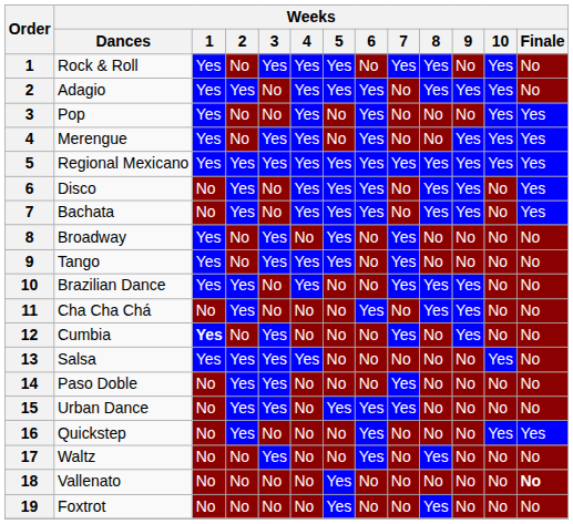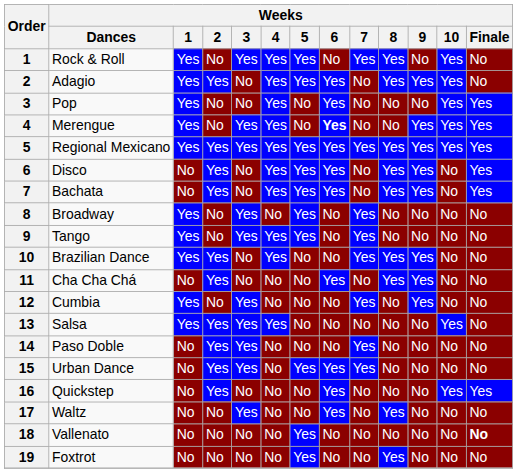 <table class="wikitable">
 <tr>
 <th rowspan=2>Order</th>
 <th colspan=12>Weeks</th>
 </tr>
 <tr>
 <th>Dances</th>
 <th>1</th>
 <th>2</th>
 <th>3</th>
 <th>4</th>
 <th>5</th>
 <th>6</th>
 <th>7</th>
 <th>8</th>
 <th>9</th>
 <th>10</th>
 <th>Finale</th>
 </tr>
 <tr>
 <th>1</th>
 <td>Rock & Roll</td>
 <td style="background:Blue; color:white;">Yes</td>
 <td style="background:darkred; color:white;">No</td>
 <td style="background:Blue; color:white;">Yes</td>
 <td style="background:Blue; color:white;">Yes</td>
 <td style="background:Blue; color:white;">Yes</td>
 <td style="background:darkred; color:white;">No</td>
 <td style="background:Blue; color:white;">Yes</td>
 <td style="background:Blue; color:white;">Yes</td>
 <td style="background:darkred; color:white;">No</td>
 <td style="background:Blue; color:white;">Yes</td>
 <td style="background:darkred; color:white;">No</td>
 </tr>
 <tr>
 <th>2</th>
 <td>Adagio</td>
 <td style="background:Blue; color:white;">Yes</td>
 <td style="background:Blue; color:white;">Yes</td>
 <td style="background:darkred; color:white;">No</td>
 <td style="background:Blue; color:white;">Yes</td>
 <td style="background:Blue; color:white;">Yes</td>
 <td style="background:Blue; color:white;">Yes</td>
 <td style="background:darkred; color:white;">No</td>
 <td style="background:Blue; color:white;">Yes</td>
 <td style="background:Blue; color:white;">Yes</td>
 <td style="background:Blue; color:white;">Yes</td>
 <td style="background:darkred; color:white;">No</td>
 </tr>
 <tr>
 <th>3</th>
 <td>Pop</td>
 <td style="background:Blue; color:white;">Yes</td>
 <td style="background:darkred; color:white;">No</td>
 <td style="background:darkred; color:white;">No</td>
 <td style="background:Blue; color:white;">Yes</td>
 <td style="background:darkred; color:white;">No</td>
 <td style="background:Blue; color:white;">Yes</td>
 <td style="background:darkred; color:white;">No</td>
 <td style="background:darkred; color:white;">No</td>
 <td style="background:darkred; color:white;">No</td>
 <td style="background:Blue; color:white;">Yes</td>
 <td style="background:Blue; color:white;">Yes</td>
 </tr>
 <tr>
 <th>4</th>
 <td>Merengue</td>
 <td style="background:Blue; color:white;">Yes</td>
 <td style="background:darkred; color:white;">No</td>
 <td style="background:Blue; color:white;">Yes</td>
 <td style="background:Blue; color:white;">Yes</td>
 <td style="background:darkred; color:white;">No</td>
-<td style="background:Blue; color:white;">Yes</td>
+<td style="background:Blue; color:white;"><strong>Yes</strong></td>
 <td style="background:darkred; color:white;">No</td>
 <td style="background:darkred; color:white;">No</td>
 <td style="background:Blue; color:white;">Yes</td>
 <td style="background:Blue; color:white;">Yes</td>
 <td style="background:Blue; color:white;">Yes</td>
 </tr>
 <tr>
 <th>5</th>
 <td>Regional Mexicano</td>
 <td style="background:Blue; color:white;">Yes</td>
 <td style="background:Blue; color:white;">Yes</td>
 <td style="background:Blue; color:white;">Yes</td>
 <td style="background:Blue; color:white;">Yes</td>
 <td style="background:Blue; color:white;">Yes</td>
 <td style="background:Blue; color:white;">Yes</td>
 <td style="background:Blue; color:white;">Yes</td>
 <td style="background:Blue; color:white;">Yes</td>
 <td style="background:Blue; color:white;">Yes</td>
 <td style="background:Blue; color:white;">Yes</td>
 <td style="background:Blue; color:white;">Yes</td>
 </tr>
 <tr>
 <th>6</th>
 <td>Disco</td>
 <td style="background:darkred; color:white;">No</td>
 <td style="background:Blue; color:white;">Yes</td>
 <td style="background:darkred; color:white;">No</td>
 <td style="background:Blue; color:white;">Yes</td>
 <td style="background:Blue; color:white;">Yes</td>
 <td style="background:Blue; color:white;">Yes</td>
 <td style="background:darkred; color:white;">No</td>
 <td style="background:Blue; color:white;">Yes</td>
 <td style="background:Blue; color:white;">Yes</td>
 <td style="background:darkred; color:white;">No</td>
 <td style="background:Blue; color:white;">Yes</td>
 </tr>
 <tr>
 <th>7</th>
 <td>Bachata</td>
 <td style="background:darkred; color:white;">No</td>
 <td style="background:Blue; color:white;">Yes</td>
 <td style="background:darkred; color:white;">No</td>
 <td style="background:Blue; color:white;">Yes</td>
 <td style="background:Blue; color:white;">Yes</td>
 <td style="background:Blue; color:white;">Yes</td>
 <td style="background:darkred; color:white;">No</td>
 <td style="background:Blue; color:white;">Yes</td>
 <td style="background:Blue; color:white;">Yes</td>
 <td style="background:darkred; color:white;">No</td>
 <td style="background:Blue; color:white;">Yes</td>
 </tr>
 <tr>
 <th>8</th>
 <td>Broadway</td>
 <td style="background:Blue; color:white;">Yes</td>
 <td style="background:darkred; color:white;">No</td>
 <td style="background:Blue; color:white;">Yes</td>
 <td style="background:darkred; color:white;">No</td>
 <td style="background:Blue; color:white;">Yes</td>
 <td style="background:darkred; color:white;">No</td>
 <td style="background:Blue; color:white;">Yes</td>
 <td style="background:darkred; color:white;">No</td>
 <td style="background:darkred; color:white;">No</td>
 <td style="background:darkred; color:white;">No</td>
 <td style="background:darkred; color:white;">No</td>
 </tr>
 <tr>
 <th>9</th>
 <td>Tango</td>
 <td style="background:Blue; color:white;">Yes</td>
 <td style="background:darkred; color:white;">No</td>
 <td style="background:Blue; color:white;">Yes</td>
 <td style="background:Blue; color:white;">Yes</td>
 <td style="background:Blue; color:white;">Yes</td>
 <td style="background:darkred; color:white;">No</td>
 <td style="background:Blue; color:white;">Yes</td>
 <td style="background:darkred; color:white;">No</td>
 <td style="background:darkred; color:white;">No</td>
 <td style="background:darkred; color:white;">No</td>
 <td style="background:darkred; color:white;">No</td>
 </tr>
 <tr>
 <th>10</th>
 <td>Brazilian Dance</td>
 <td style="background:Blue; color:white;">Yes</td>
 <td style="background:Blue; color:white;">Yes</td>
 <td style="background:darkred; color:white;">No</td>
 <td style="background:Blue; color:white;">Yes</td>
 <td style="background:darkred; color:white;">No</td>
 <td style="background:darkred; color:white;">No</td>
 <td style="background:Blue; color:white;">Yes</td>
 <td style="background:Blue; color:white;">Yes</td>
 <td style="background:Blue; color:white;">Yes</td>
 <td style="background:darkred; color:white;">No</td>
 <td style="background:darkred; color:white;">No</td>
 </tr>
 <tr>
 <th>11</th>
 <td>Cha Cha Chá</td>
 <td style="background:darkred; color:white;">No</td>
 <td style="background:Blue; color:white;">Yes</td>
 <td style="background:darkred; color:white;">No</td>
 <td style="background:darkred; color:white;">No</td>
 <td style="background:darkred; color:white;">No</td>
 <td style="background:Blue; color:white;">Yes</td>
 <td style="background:darkred; color:white;">No</td>
 <td style="background:Blue; color:white;">Yes</td>
 <td style="background:Blue; color:white;">Yes</td>
 <td style="background:darkred; color:white;">No</td>
 <td style="background:darkred; color:white;">No</td>
 </tr>
 <tr>
 <th>12</th>
 <td>Cumbia</td>
-<td style="background:Blue; color:white;"><strong>Yes</strong></td>
+<td style="background:Blue; color:white;">Yes</td>
 <td style="background:darkred; color:white;">No</td>
 <td style="background:Blue; color:white;">Yes</td>
 <td style="background:darkred; color:white;">No</td>
 <td style="background:darkred; color:white;">No</td>
 <td style="background:darkred; color:white;">No</td>
 <td style="background:Blue; color:white;">Yes</td>
 <td style="background:darkred; color:white;">No</td>
 <td style="background:Blue; color:white;">Yes</td>
 <td style="background:darkred; color:white;">No</td>
 <td style="background:darkred; color:white;">No</td>
 </tr>
 <tr>
 <th>13</th>
 <td>Salsa</td>
 <td style="background:Blue; color:white;">Yes</td>
 <td style="background:Blue; color:white;">Yes</td>
 <td style="background:Blue; color:white;">Yes</td>
 <td style="background:Blue; color:white;">Yes</td>
 <td style="background:darkred; color:white;">No</td>
 <td style="background:darkred; color:white;">No</td>
 <td style="background:darkred; color:white;">No</td>
 <td style="background:darkred; color:white;">No</td>
 <td style="background:darkred; color:white;">No</td>
 <td style="background:Blue; color:white;">Yes</td>
 <td style="background:darkred; color:white;">No</td>
 </tr>
 <tr>
 <th>14</th>
 <td>Paso Doble</td>
 <td style="background:darkred; color:white;">No</td>
 <td style="background:Blue; color:white;">Yes</td>
 <td style="background:Blue; color:white;">Yes</td>
 <td style="background:darkred; color:white;">No</td>
 <td style="background:darkred; color:white;">No</td>
 <td style="background:darkred; color:white;">No</td>
 <td style="background:Blue; color:white;">Yes</td>
 <td style="background:darkred; color:white;">No</td>
 <td style="background:darkred; color:white;">No</td>
 <td style="background:darkred; color:white;">No</td>
 <td style="background:darkred; color:white;">No</td>
 </tr>
 <tr>
 <th>15</th>
 <td>Urban Dance</td>
 <td style="background:darkred; color:white;">No</td>
 <td style="background:Blue; color:white;">Yes</td>
 <td style="background:Blue; color:white;">Yes</td>
 <td style="background:darkred; color:white;">No</td>
 <td style="background:Blue; color:white;">Yes</td>
 <td style="background:Blue; color:white;">Yes</td>
 <td style="background:Blue; color:white;">Yes</td>
 <td style="background:darkred; color:white;">No</td>
 <td style="background:darkred; color:white;">No</td>
 <td style="background:darkred; color:white;">No</td>
 <td style="background:darkred; color:white;">No</td>
 </tr>
 <tr>
 <th>16</th>
 <td>Quickstep</td>
 <td style="background:darkred; color:white;">No</td>
 <td style="background:Blue; color:white;">Yes</td>
 <td style="background:darkred; color:white;">No</td>
 <td style="background:darkred; color:white;">No</td>
 <td style="background:darkred; color:white;">No</td>
 <td style="background:Blue; color:white;">Yes</td>
 <td style="background:darkred; color:white;">No</td>
 <td style="background:darkred; color:white;">No</td>
 <td style="background:darkred; color:white;">No</td>
 <td style="background:Blue; color:white;">Yes</td>
 <td style="background:Blue; color:white;">Yes</td>
 </tr>
 <tr>
 <th>17</th>
 <td>Waltz</td>
 <td style="background:darkred; color:white;">No</td>
 <td style="background:darkred; color:white;">No</td>
 <td style="background:Blue; color:white;">Yes</td>
 <td style="background:darkred; color:white;">No</td>
 <td style="background:darkred; color:white;">No</td>
 <td style="background:Blue; color:white;">Yes</td>
 <td style="background:darkred; color:white;">No</td>
 <td style="background:Blue; color:white;">Yes</td>
 <td style="background:darkred; color:white;">No</td>
 <td style="background:darkred; color:white;">No</td>
 <td style="background:darkred; color:white;">No</td>
 </tr>
 <tr>
 <th>18</th>
 <td>Vallenato</td>
 <td style="background:darkred; color:white;">No</td>
 <td style="background:darkred; color:white;">No</td>
 <td style="background:darkred; color:white;">No</td>
 <td style="background:darkred; color:white;">No</td>
 <td style="background:Blue; color:white;">Yes</td>
 <td style="background:darkred; color:white;">No</td>
 <td style="background:darkred; color:white;">No</td>
 <td style="background:darkred; color:white;">No</td>
 <td style="background:darkred; color:white;">No</td>
 <td style="background:darkred; color:white;">No</td>
 <td style="background:darkred; color:white;"><strong>No</strong></td>
 </tr>
 <tr>
 <th>19</th>
 <td>Foxtrot</td>
 <td style="background:darkred; color:white;">No</td>
 <td style="background:darkred; color:white;">No</td>
 <td style="background:darkred; color:white;">No</td>
 <td style="background:darkred; color:white;">No</td>
 <td style="background:Blue; color:white;">Yes</td>
 <td style="background:darkred; color:white;">No</td>
 <td style="background:darkred; color:white;">No</td>
 <td style="background:Blue; color:white;">Yes</td>
 <td style="background:darkred; color:white;">No</td>
 <td style="background:darkred; color:white;">No</td>
 <td style="background:darkred; color:white;">No</td>
 </tr>
 <tr>
 </tr>
 </table>
